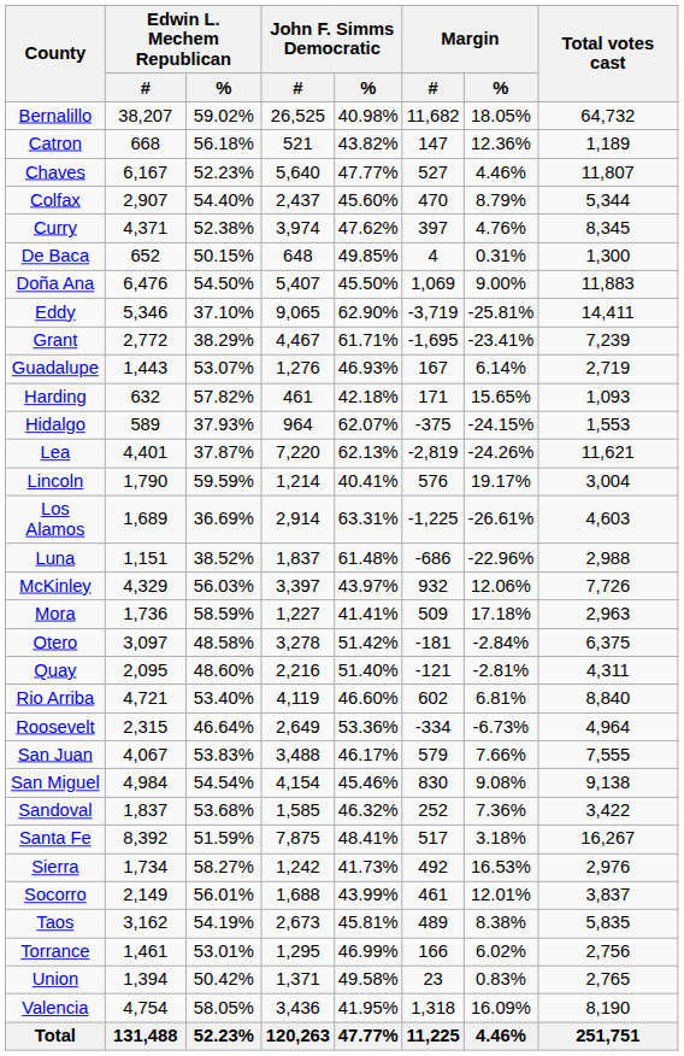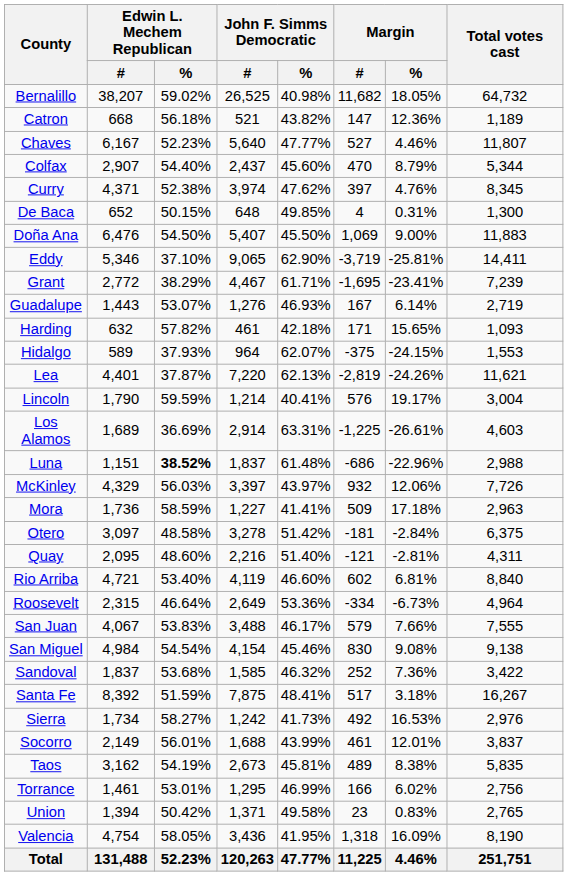 <table class="wikitable sortable" style="text-align:center">
 <tr>
 <th style="text-align:center;" rowspan="2">County</th>
 <th style="text-align:center;" colspan="2">Edwin L. Mechem<br>Republican</th>
 <th style="text-align:center;" colspan="2">John F. Simms<br>Democratic</th>
 <th style="text-align:center;" colspan="2">Margin</th>
 <th style="text-align:center;" rowspan="2">Total votes cast</th>
 </tr>
 <tr>
 <th style="text-align:center;" data-sort-type="number">#</th>
 <th style="text-align:center;" data-sort-type="number">%</th>
 <th style="text-align:center;" data-sort-type="number">#</th>
 <th style="text-align:center;" data-sort-type="number">%</th>
 <th style="text-align:center;" data-sort-type="number">#</th>
 <th style="text-align:center;" data-sort-type="number">%</th>
 </tr>
 <tr style="text-align:center;">
 <td><a href='#'>Bernalillo</a></td>
 <td>38,207</td>
 <td>59.02%</td>
 <td>26,525</td>
 <td>40.98%</td>
 <td>11,682</td>
 <td>18.05%</td>
 <td>64,732</td>
 </tr>
 <tr style="text-align:center;">
 <td><a href='#'>Catron</a></td>
 <td>668</td>
 <td>56.18%</td>
 <td>521</td>
 <td>43.82%</td>
 <td>147</td>
 <td>12.36%</td>
 <td>1,189</td>
 </tr>
 <tr style="text-align:center;">
 <td><a href='#'>Chaves</a></td>
 <td>6,167</td>
 <td>52.23%</td>
 <td>5,640</td>
 <td>47.77%</td>
 <td>527</td>
 <td>4.46%</td>
 <td>11,807</td>
 </tr>
 <tr style="text-align:center;">
 <td><a href='#'>Colfax</a></td>
 <td>2,907</td>
 <td>54.40%</td>
 <td>2,437</td>
 <td>45.60%</td>
 <td>470</td>
 <td>8.79%</td>
 <td>5,344</td>
 </tr>
 <tr style="text-align:center;">
 <td><a href='#'>Curry</a></td>
 <td>4,371</td>
 <td>52.38%</td>
 <td>3,974</td>
 <td>47.62%</td>
 <td>397</td>
 <td>4.76%</td>
 <td>8,345</td>
 </tr>
 <tr style="text-align:center;">
 <td><a href='#'>De Baca</a></td>
 <td>652</td>
 <td>50.15%</td>
 <td>648</td>
 <td>49.85%</td>
 <td>4</td>
 <td>0.31%</td>
 <td>1,300</td>
 </tr>
 <tr style="text-align:center;">
 <td><a href='#'>Doña Ana</a></td>
 <td>6,476</td>
 <td>54.50%</td>
 <td>5,407</td>
 <td>45.50%</td>
 <td>1,069</td>
 <td>9.00%</td>
 <td>11,883</td>
 </tr>
 <tr style="text-align:center;">
 <td><a href='#'>Eddy</a></td>
 <td>5,346</td>
 <td>37.10%</td>
 <td>9,065</td>
 <td>62.90%</td>
 <td>-3,719</td>
 <td>-25.81%</td>
 <td>14,411</td>
 </tr>
 <tr style="text-align:center;">
 <td><a href='#'>Grant</a></td>
 <td>2,772</td>
 <td>38.29%</td>
 <td>4,467</td>
 <td>61.71%</td>
 <td>-1,695</td>
 <td>-23.41%</td>
 <td>7,239</td>
 </tr>
 <tr style="text-align:center;">
 <td><a href='#'>Guadalupe</a></td>
 <td>1,443</td>
 <td>53.07%</td>
 <td>1,276</td>
 <td>46.93%</td>
 <td>167</td>
 <td>6.14%</td>
 <td>2,719</td>
 </tr>
 <tr style="text-align:center;">
 <td><a href='#'>Harding</a></td>
 <td>632</td>
 <td>57.82%</td>
 <td>461</td>
 <td>42.18%</td>
 <td>171</td>
 <td>15.65%</td>
 <td>1,093</td>
 </tr>
 <tr style="text-align:center;">
 <td><a href='#'>Hidalgo</a></td>
 <td>589</td>
 <td>37.93%</td>
 <td>964</td>
 <td>62.07%</td>
 <td>-375</td>
 <td>-24.15%</td>
 <td>1,553</td>
 </tr>
 <tr style="text-align:center;">
 <td><a href='#'>Lea</a></td>
 <td>4,401</td>
 <td>37.87%</td>
 <td>7,220</td>
 <td>62.13%</td>
 <td>-2,819</td>
 <td>-24.26%</td>
 <td>11,621</td>
 </tr>
 <tr style="text-align:center;">
 <td><a href='#'>Lincoln</a></td>
 <td>1,790</td>
 <td>59.59%</td>
 <td>1,214</td>
 <td>40.41%</td>
 <td>576</td>
 <td>19.17%</td>
 <td>3,004</td>
 </tr>
 <tr style="text-align:center;">
 <td><a href='#'>Los Alamos</a></td>
 <td>1,689</td>
 <td>36.69%</td>
 <td>2,914</td>
 <td>63.31%</td>
 <td>-1,225</td>
 <td>-26.61%</td>
 <td>4,603</td>
 </tr>
 <tr style="text-align:center;">
 <td><a href='#'>Luna</a></td>
 <td>1,151</td>
-<td>38.52%</td>
+<td><strong>38.52%</strong></td>
 <td>1,837</td>
 <td>61.48%</td>
 <td>-686</td>
 <td>-22.96%</td>
 <td>2,988</td>
 </tr>
 <tr style="text-align:center;">
 <td><a href='#'>McKinley</a></td>
 <td>4,329</td>
 <td>56.03%</td>
 <td>3,397</td>
 <td>43.97%</td>
 <td>932</td>
 <td>12.06%</td>
 <td>7,726</td>
 </tr>
 <tr style="text-align:center;">
 <td><a href='#'>Mora</a></td>
 <td>1,736</td>
 <td>58.59%</td>
 <td>1,227</td>
 <td>41.41%</td>
 <td>509</td>
 <td>17.18%</td>
 <td>2,963</td>
 </tr>
 <tr style="text-align:center;">
 <td><a href='#'>Otero</a></td>
 <td>3,097</td>
 <td>48.58%</td>
 <td>3,278</td>
 <td>51.42%</td>
 <td>-181</td>
 <td>-2.84%</td>
 <td>6,375</td>
 </tr>
 <tr style="text-align:center;">
 <td><a href='#'>Quay</a></td>
 <td>2,095</td>
 <td>48.60%</td>
 <td>2,216</td>
 <td>51.40%</td>
 <td>-121</td>
 <td>-2.81%</td>
 <td>4,311</td>
 </tr>
 <tr style="text-align:center;">
 <td><a href='#'>Rio Arriba</a></td>
 <td>4,721</td>
 <td>53.40%</td>
 <td>4,119</td>
 <td>46.60%</td>
 <td>602</td>
 <td>6.81%</td>
 <td>8,840</td>
 </tr>
 <tr style="text-align:center;">
 <td><a href='#'>Roosevelt</a></td>
 <td>2,315</td>
 <td>46.64%</td>
 <td>2,649</td>
 <td>53.36%</td>
 <td>-334</td>
 <td>-6.73%</td>
 <td>4,964</td>
 </tr>
 <tr style="text-align:center;">
 <td><a href='#'>San Juan</a></td>
 <td>4,067</td>
 <td>53.83%</td>
 <td>3,488</td>
 <td>46.17%</td>
 <td>579</td>
 <td>7.66%</td>
 <td>7,555</td>
 </tr>
 <tr style="text-align:center;">
 <td><a href='#'>San Miguel</a></td>
 <td>4,984</td>
 <td>54.54%</td>
 <td>4,154</td>
 <td>45.46%</td>
 <td>830</td>
 <td>9.08%</td>
 <td>9,138</td>
 </tr>
 <tr style="text-align:center;">
 <td><a href='#'>Sandoval</a></td>
 <td>1,837</td>
 <td>53.68%</td>
 <td>1,585</td>
 <td>46.32%</td>
 <td>252</td>
 <td>7.36%</td>
 <td>3,422</td>
 </tr>
 <tr style="text-align:center;">
 <td><a href='#'>Santa Fe</a></td>
 <td>8,392</td>
 <td>51.59%</td>
 <td>7,875</td>
 <td>48.41%</td>
 <td>517</td>
 <td>3.18%</td>
 <td>16,267</td>
 </tr>
 <tr style="text-align:center;">
 <td><a href='#'>Sierra</a></td>
 <td>1,734</td>
 <td>58.27%</td>
 <td>1,242</td>
 <td>41.73%</td>
 <td>492</td>
 <td>16.53%</td>
 <td>2,976</td>
 </tr>
 <tr style="text-align:center;">
 <td><a href='#'>Socorro</a></td>
 <td>2,149</td>
 <td>56.01%</td>
 <td>1,688</td>
 <td>43.99%</td>
 <td>461</td>
 <td>12.01%</td>
 <td>3,837</td>
 </tr>
 <tr style="text-align:center;">
 <td><a href='#'>Taos</a></td>
 <td>3,162</td>
 <td>54.19%</td>
 <td>2,673</td>
 <td>45.81%</td>
 <td>489</td>
 <td>8.38%</td>
 <td>5,835</td>
 </tr>
 <tr style="text-align:center;">
 <td><a href='#'>Torrance</a></td>
 <td>1,461</td>
 <td>53.01%</td>
 <td>1,295</td>
 <td>46.99%</td>
 <td>166</td>
 <td>6.02%</td>
 <td>2,756</td>
 </tr>
 <tr style="text-align:center;">
 <td><a href='#'>Union</a></td>
 <td>1,394</td>
 <td>50.42%</td>
 <td>1,371</td>
 <td>49.58%</td>
 <td>23</td>
 <td>0.83%</td>
 <td>2,765</td>
 </tr>
 <tr style="text-align:center;">
 <td><a href='#'>Valencia</a></td>
 <td>4,754</td>
 <td>58.05%</td>
 <td>3,436</td>
 <td>41.95%</td>
 <td>1,318</td>
 <td>16.09%</td>
 <td>8,190</td>
 </tr>
 <tr style="text-align:center;">
 <th>Total</th>
 <th>131,488</th>
 <th>52.23%</th>
 <th>120,263</th>
 <th>47.77%</th>
 <th>11,225</th>
 <th>4.46%</th>
 <th>251,751</th>
 </tr>
 </table>
